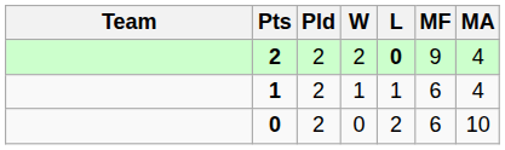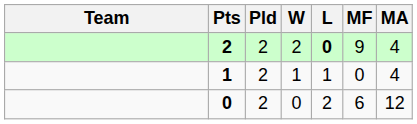 <table class=wikitable style="text-align:center">
 <tr>
 <th width=175>Team</th>
 <th width=20>Pts</th>
 <th width=20>Pld</th>
 <th width=20>W</th>
 <th width=20>L</th>
 <th width=20>MF</th>
 <th width=20>MA</th>
 </tr>
 <tr bgcolor=#ccffcc>
 <td style="text-align:left"></td>
 <td><strong>2</strong></td>
 <td>2</td>
 <td>2</td>
 <td><strong>0</strong></td>
 <td>9</td>
 <td>4</td>
 </tr>
 <tr>
 <td style="text-align:left"></td>
 <td><strong>1</strong></td>
 <td>2</td>
 <td>1</td>
 <td>1</td>
-<td>6</td>
+<td>0</td>
 <td>4</td>
 </tr>
 <tr>
 <td style="text-align:left"></td>
 <td><strong>0</strong></td>
 <td>2</td>
 <td>0</td>
 <td>2</td>
 <td>6</td>
-<td>10</td>
+<td>12</td>
 </tr>
 </table>
